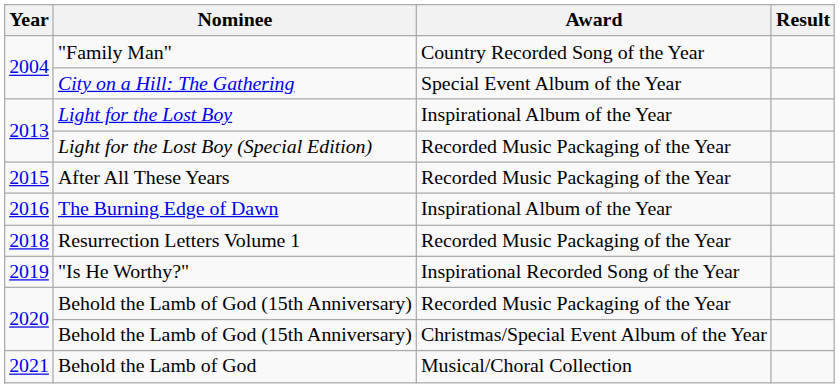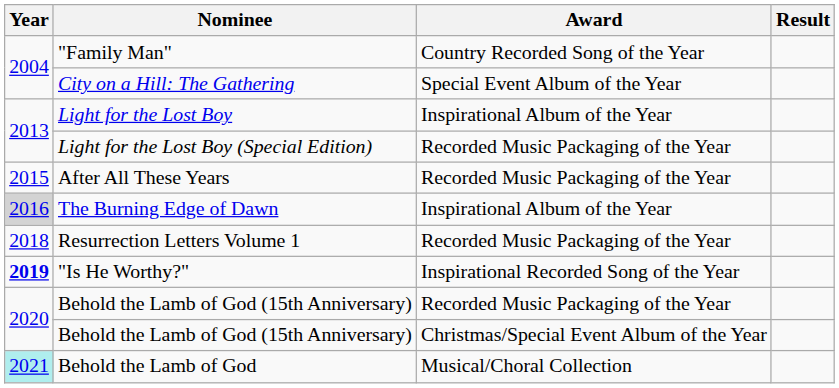 <table class="wikitable">
 <tr>
 <th>Year</th>
 <th>Nominee</th>
 <th>Award</th>
 <th>Result</th>
 </tr>
 <tr>
 <td rowspan="2"><a href='#'>2004</a></td>
 <td>"Family Man"</td>
 <td>Country Recorded Song of the Year</td>
 <td></td>
 </tr>
 <tr>
 <td style="text-align:left;"><em><a href='#'>City on a Hill: The Gathering</a></em></td>
 <td>Special Event Album of the Year</td>
 <td></td>
 </tr>
 <tr>
 <td rowspan="2"><a href='#'>2013</a></td>
 <td><em><a href='#'>Light for the Lost Boy</a></em></td>
 <td>Inspirational Album of the Year</td>
 <td></td>
 </tr>
 <tr>
 <td style="text-align:left;"><em>Light for the Lost Boy (Special Edition)</td>
 <td>Recorded Music Packaging of the Year</td>
 <td></td>
 </tr>
 <tr>
 <td><a href='#'>2015</a></td>
 <td></em>After All These Years<em></td>
 <td>Recorded Music Packaging of the Year</td>
 <td></td>
 </tr>
 <tr>
-<td><a href='#'>2016</a></td>
+<td style="background: lightgrey;"><a href='#'>2016</a></td>
 <td></em><a href='#'>The Burning Edge of Dawn</a><em></td>
 <td>Inspirational Album of the Year</td>
 <td></td>
 </tr>
 <tr>
 <td><a href='#'>2018</a></td>
 <td></em>Resurrection Letters Volume 1<em></td>
 <td>Recorded Music Packaging of the Year</td>
 <td></td>
 </tr>
 <tr>
-<td><a href='#'>2019</a></td>
+<td><strong><a href='#'>2019</a></strong></td>
 <td>"Is He Worthy?"</td>
 <td>Inspirational Recorded Song of the Year</td>
 <td></td>
 </tr>
 <tr>
 <td rowspan="2"><a href='#'>2020</a></td>
 <td></em>Behold the Lamb of God (15th Anniversary)<em></td>
 <td>Recorded Music Packaging of the Year</td>
 <td></td>
 </tr>
 <tr>
 <td style="text-align:left;"></em>Behold the Lamb of God (15th Anniversary)<em></td>
 <td>Christmas/Special Event Album of the Year</td>
 <td></td>
 </tr>
 <tr>
-<td><a href='#'>2021</a></td>
+<td style="background: paleturquoise;"><a href='#'>2021</a></td>
 <td></em>Behold the Lamb of God<em></td>
 <td>Musical/Choral Collection</td>
 <td></td>
 </tr>
 </table>
